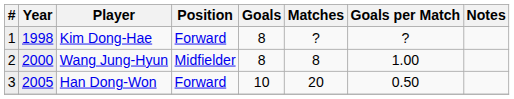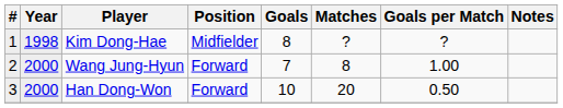 <table class="wikitable" style="text-left:center">
 <tr>
 <th>#</th>
 <th>Year</th>
 <th>Player</th>
 <th>Position</th>
 <th>Goals</th>
 <th>Matches</th>
 <th>Goals per Match</th>
 <th>Notes</th>
 </tr>
 <tr>
 <td style="background:#eeeeee">1</td>
 <td style="background:#eeeeee"><a href='#'>1998</a></td>
 <td> <a href='#'>Kim Dong-Hae</a></td>
-<td><a href='#'>Forward</a></td>
+<td><a href='#'>Midfielder</a></td>
 <td style="text-align: center;">8</td>
 <td style="text-align: center;">?</td>
 <td style="text-align: center;">?</td>
 <td></td>
 </tr>
 <tr>
 <td style="background:#eeeeee">2</td>
 <td style="background:#eeeeee"><a href='#'>2000</a></td>
 <td> <a href='#'>Wang Jung-Hyun</a></td>
-<td><a href='#'>Midfielder</a></td>
-<td style="text-align: center;">8</td>
+<td><a href='#'>Forward</a></td>
+<td style="text-align: center;">7</td>
 <td style="text-align: center;">8</td>
 <td style="text-align: center;">1.00</td>
 <td></td>
 </tr>
 <tr>
 <td style="background:#eeeeee">3</td>
-<td style="background:#eeeeee"><a href='#'>2005</a></td>
+<td style="background:#eeeeee"><a href='#'>2000</a></td>
 <td> <a href='#'>Han Dong-Won</a></td>
 <td><a href='#'>Forward</a></td>
 <td style="text-align: center;">10</td>
 <td style="text-align: center;">20</td>
 <td style="text-align: center;">0.50</td>
 <td></td>
 </tr>
 <tr>
 </tr>
 </table>
